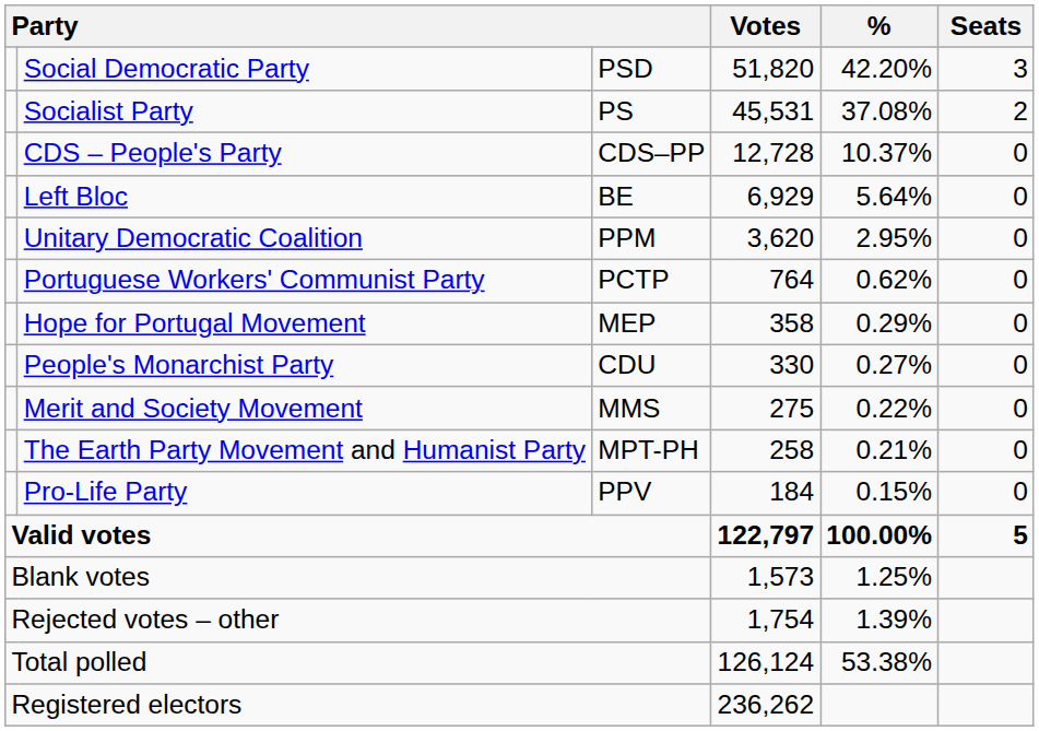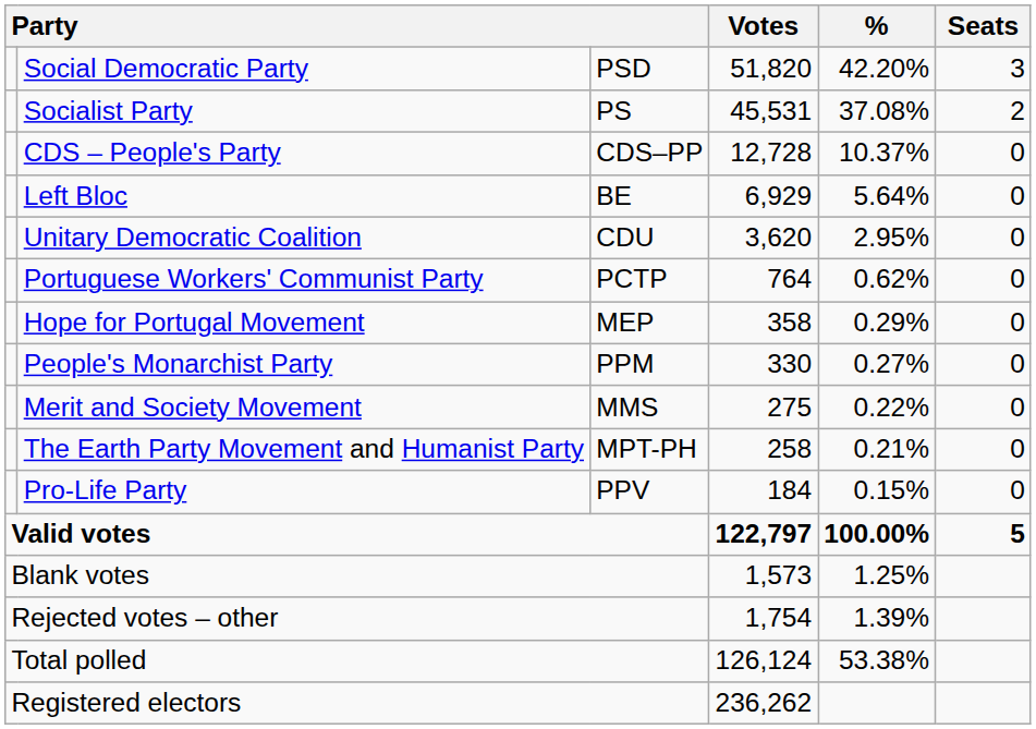 <table class="wikitable" border="1" style="text-align:right;">
 <tr>
 <th style="text-align:left;" colspan=3>Party</th>
 <th align=center width="50">Votes</th>
 <th align=center width="50">%</th>
 <th align=center width="50">Seats</th>
 </tr>
 <tr>
 <td></td>
 <td align=left><a href='#'>Social Democratic Party</a></td>
 <td align=left>PSD</td>
 <td>51,820</td>
 <td>42.20%</td>
 <td>3</td>
 </tr>
 <tr>
 <td></td>
 <td align=left><a href='#'>Socialist Party</a></td>
 <td align=left>PS</td>
 <td>45,531</td>
 <td>37.08%</td>
 <td>2</td>
 </tr>
 <tr>
 <td></td>
 <td align=left><a href='#'>CDS – People's Party</a></td>
 <td align=left style="white-space: nowrap;">CDS–PP</td>
 <td>12,728</td>
 <td>10.37%</td>
 <td>0</td>
 </tr>
 <tr>
 <td></td>
 <td align=left><a href='#'>Left Bloc</a></td>
 <td align=left>BE</td>
 <td>6,929</td>
 <td>5.64%</td>
 <td>0</td>
 </tr>
 <tr>
 <td></td>
 <td align=left style="white-space: nowrap;"><a href='#'>Unitary Democratic Coalition</a></td>
-<td align=left>PPM</td>
+<td align=left>CDU</td>
 <td>3,620</td>
 <td>2.95%</td>
 <td>0</td>
 </tr>
 <tr>
 <td></td>
 <td align=left><a href='#'>Portuguese Workers' Communist Party</a></td>
 <td align=left>PCTP</td>
 <td>764</td>
 <td>0.62%</td>
 <td>0</td>
 </tr>
 <tr>
 <td></td>
 <td align=left><a href='#'>Hope for Portugal Movement</a></td>
 <td align=left>MEP</td>
 <td>358</td>
 <td>0.29%</td>
 <td>0</td>
 </tr>
 <tr>
 <td></td>
 <td align=left><a href='#'>People's Monarchist Party</a></td>
-<td align=left>CDU</td>
+<td align=left>PPM</td>
 <td>330</td>
 <td>0.27%</td>
 <td>0</td>
 </tr>
 <tr>
 <td></td>
 <td align=left><a href='#'>Merit and Society Movement</a></td>
 <td align=left>MMS</td>
 <td>275</td>
 <td>0.22%</td>
 <td>0</td>
 </tr>
 <tr>
 <td></td>
 <td align=left><a href='#'>The Earth Party Movement</a> and <a href='#'>Humanist Party</a></td>
 <td align=left>MPT-PH</td>
 <td>258</td>
 <td>0.21%</td>
 <td>0</td>
 </tr>
 <tr>
 <td></td>
 <td align=left><a href='#'>Pro-Life Party</a></td>
 <td align=left>PPV</td>
 <td>184</td>
 <td>0.15%</td>
 <td>0</td>
 </tr>
 <tr style="font-weight:bold">
 <td align=left colspan=3>Valid votes</td>
 <td>122,797</td>
 <td>100.00%</td>
 <td>5</td>
 </tr>
 <tr>
 <td align=left colspan=3>Blank votes</td>
 <td>1,573</td>
 <td>1.25%</td>
 <td></td>
 </tr>
 <tr>
 <td align=left colspan=3>Rejected votes – other</td>
 <td>1,754</td>
 <td>1.39%</td>
 <td></td>
 </tr>
 <tr>
 <td align=left colspan=3>Total polled</td>
 <td>126,124</td>
 <td>53.38%</td>
 <td></td>
 </tr>
 <tr>
 <td align=left colspan=3>Registered electors</td>
 <td>236,262</td>
 <td></td>
 <td></td>
 </tr>
 </table>
